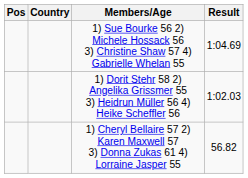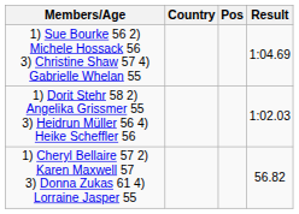 <table class="wikitable"  style="text-align:center; width:60%;">
 <tr>
+<th>Members/Age</th>
+<th>Country</th>
 <th>Pos</th>
-<th>Country</th>
-<th>Members/Age</th>
 <th>Result</th>
 </tr>
 <tr>
+<td>1) <a href='#'>Sue Bourke</a> 56 2) <a href='#'>Michele Hossack</a> 56<br>3) <a href='#'>Christine Shaw</a> 57 4) <a href='#'>Gabrielle Whelan</a> 55</td>
+<td align=left></td>
 <td align=center></td>
-<td align=left></td>
-<td>1) <a href='#'>Sue Bourke</a> 56 2) <a href='#'>Michele Hossack</a> 56<br>3) <a href='#'>Christine Shaw</a> 57 4) <a href='#'>Gabrielle Whelan</a> 55</td>
 <td>1:04.69</td>
 </tr>
 <tr>
+<td>1) <a href='#'>Dorit Stehr</a> 58 2) <a href='#'>Angelika Grissmer</a> 55<br>3) <a href='#'>Heidrun Müller</a> 56 4) <a href='#'>Heike Scheffler</a> 56</td>
+<td align=left></td>
 <td align=center></td>
-<td align=left></td>
-<td>1) <a href='#'>Dorit Stehr</a> 58 2) <a href='#'>Angelika Grissmer</a> 55<br>3) <a href='#'>Heidrun Müller</a> 56 4) <a href='#'>Heike Scheffler</a> 56</td>
 <td>1:02.03</td>
 </tr>
 <tr>
+<td>1) <a href='#'>Cheryl Bellaire</a> 57 2) <a href='#'>Karen Maxwell</a> 57<br>3) <a href='#'>Donna Zukas</a> 61 4) <a href='#'>Lorraine Jasper</a> 55</td>
+<td align=left></td>
 <td align=center></td>
-<td align=left></td>
-<td>1) <a href='#'>Cheryl Bellaire</a> 57 2) <a href='#'>Karen Maxwell</a> 57<br>3) <a href='#'>Donna Zukas</a> 61 4) <a href='#'>Lorraine Jasper</a> 55</td>
 <td>56.82</td>
 </tr>
 </table>
